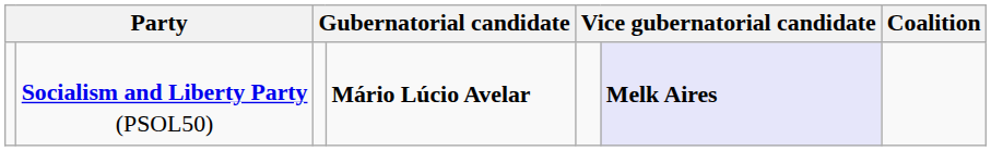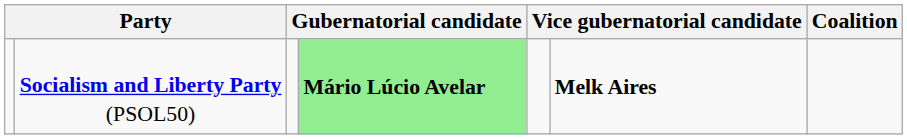 <table class="vertical-align-top wikitable">
 <tr>
 <th scope=colgroup colspan=2>Party</th>
 <th scope=colgroup colspan=2>Gubernatorial candidate</th>
 <th scope=colgroup colspan=2>Vice gubernatorial candidate</th>
 <th scope=col>Coalition</th>
 </tr>
 <tr>
 <td style=background:></td>
 <td style="text-align:center; line-height:1.3"><br><strong><a href='#'>Socialism and Liberty Party</a></strong><br>(PSOL50)</td>
 <td></td>
-<td><strong>Mário Lúcio Avelar</strong></td>
+<td style="background: lightgreen;"><strong>Mário Lúcio Avelar</strong></td>
 <td></td>
-<td style="background: lavender;"><strong>Melk Aires</strong></td>
+<td><strong>Melk Aires</strong></td>
 <td></td>
 </tr>
 </table>
